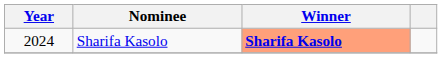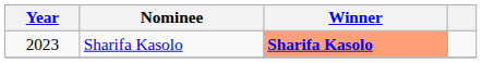 <table class="wikitable">
 <tr>
 <th width=65><a href='#'>Year</a></th>
 <th width=170>Nominee</th>
 <th width=170><a href='#'>Winner</a></th>
 <th width=20></th>
 </tr>
 <tr>
-<td align=center>2024</td>
+<td align=center>2023</td>
 <td> <a href='#'>Sharifa Kasolo</a></td>
 <td style="background: lightsalmon;"> <strong><a href='#'>Sharifa Kasolo</a></strong></td>
 <td></td>
 </tr>
 <tr>
 </tr>
 </table>
